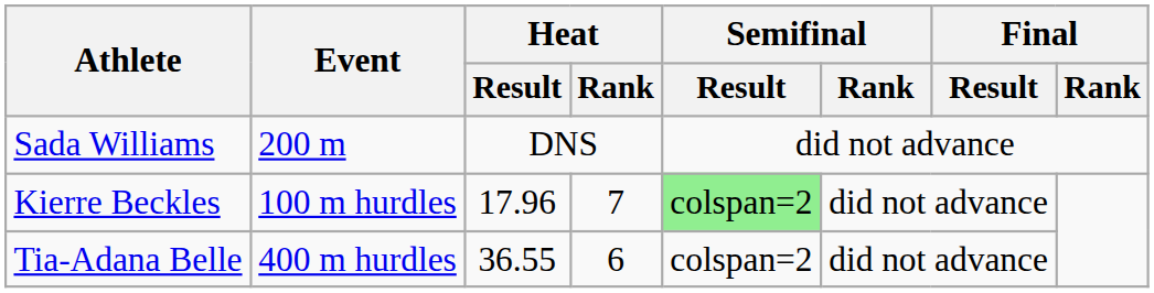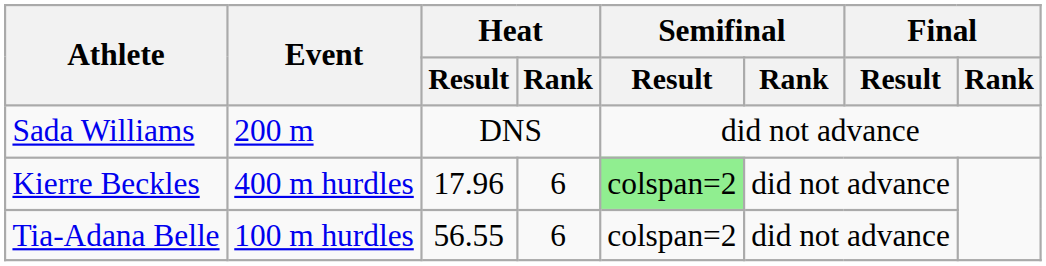 <table class="wikitable" style="font-size:90%">
 <tr>
 <th rowspan=2>Athlete</th>
 <th rowspan=2>Event</th>
 <th colspan=2>Heat</th>
 <th colspan=2>Semifinal</th>
 <th colspan=2>Final</th>
 </tr>
 <tr style="font-size:95%">
 <th>Result</th>
 <th>Rank</th>
 <th>Result</th>
 <th>Rank</th>
 <th>Result</th>
 <th>Rank</th>
 </tr>
 <tr align=center>
 <td align=left><a href='#'>Sada Williams</a></td>
 <td align=left><a href='#'>200 m</a></td>
 <td colspan=2>DNS</td>
 <td colspan=4>did not advance</td>
 </tr>
 <tr align=center>
 <td align=left><a href='#'>Kierre Beckles</a></td>
-<td align=left><a href='#'>100 m hurdles</a></td>
+<td align=left rowspan=><a href='#'>400 m hurdles</a></td>
 <td>17.96</td>
-<td>7</td>
+<td>6</td>
 <td style="background: lightgreen;">colspan=2 </td>
 <td colspan=2>did not advance</td>
 </tr>
 <tr align=center>
 <td align=left><a href='#'>Tia-Adana Belle</a></td>
-<td align=left rowspan=><a href='#'>400 m hurdles</a></td>
-<td>36.55</td>
+<td align=left><a href='#'>100 m hurdles</a></td>
+<td>56.55</td>
 <td>6</td>
 <td>colspan=2 </td>
 <td colspan=2>did not advance</td>
 </tr>
 </table>
